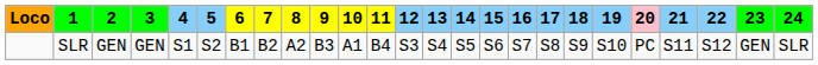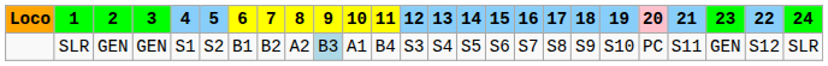 <table class="wikitable plainrowheaders unsortable" style="text-align:center">
 <tr>
 <th scope="col" rowspan="1" style="background:orange;">Loco</th>
 <th scope="col" rowspan="1" style="background:lime;">1</th>
 <th scope="col" rowspan="1" style="background:lime;">2</th>
 <th scope="col" rowspan="1" style="background:lime;">3</th>
 <th scope="col" rowspan="1" style="background:lightskyblue;">4</th>
 <th scope="col" rowspan="1" style="background:lightskyblue;">5</th>
 <th scope="col" rowspan="1" style="background:yellow;">6</th>
 <th scope="col" rowspan="1" style="background:yellow;">7</th>
 <th scope="col" rowspan="1" style="background:yellow;">8</th>
 <th scope="col" rowspan="1" style="background:yellow;">9</th>
 <th scope="col" rowspan="1" style="background:yellow;">10</th>
 <th scope="col" rowspan="1" style="background:yellow;">11</th>
 <th scope="col" rowspan="1" style="background:lightskyblue;">12</th>
 <th scope="col" rowspan="1" style="background:lightskyblue;">13</th>
 <th scope="col" rowspan="1" style="background:lightskyblue;">14</th>
 <th scope="col" rowspan="1" style="background:lightskyblue;">15</th>
 <th scope="col" rowspan="1" style="background:lightskyblue;">16</th>
 <th scope="col" rowspan="1" style="background:lightskyblue;">17</th>
 <th scope="col" rowspan="1" style="background:lightskyblue;">18</th>
 <th scope="col" rowspan="1" style="background:lightskyblue;">19</th>
 <th scope="col" rowspan="1" style="background:pink;">20</th>
 <th scope="col" rowspan="1" style="background:lightskyblue;">21</th>
+<th scope="col" rowspan="1" style="background:lime;">23</th>
 <th scope="col" rowspan="1" style="background:lightskyblue;">22</th>
-<th scope="col" rowspan="1" style="background:lime;">23</th>
 <th scope="col" rowspan="1" style="background:lime;">24</th>
 </tr>
 <tr>
 <td></td>
 <td>SLR</td>
 <td>GEN</td>
 <td>GEN</td>
 <td>S1</td>
 <td>S2</td>
 <td>B1</td>
 <td>B2</td>
 <td>A2</td>
-<td>B3</td>
+<td style="background: lightblue;">B3</td>
 <td>A1</td>
 <td>B4</td>
 <td>S3</td>
 <td>S4</td>
 <td>S5</td>
 <td>S6</td>
 <td>S7</td>
 <td>S8</td>
 <td>S9</td>
 <td>S10</td>
 <td>PC</td>
 <td>S11</td>
+<td>GEN</td>
 <td>S12</td>
-<td>GEN</td>
 <td>SLR</td>
 </tr>
 </table>
